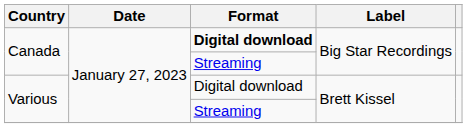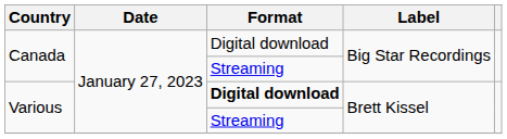 <table class="wikitable">
 <tr>
 <th>Country</th>
 <th>Date</th>
 <th>Format</th>
 <th>Label</th>
 <th></th>
 </tr>
 <tr>
 <td rowspan="2">Canada</td>
 <td rowspan="4">January 27, 2023</td>
-<td><strong>Digital download</strong></td>
+<td>Digital download</td>
 <td rowspan="2">Big Star Recordings</td>
 <td rowspan="2"></td>
 </tr>
 <tr>
 <td><a href='#'>Streaming</a></td>
 </tr>
 <tr>
 <td rowspan="2">Various</td>
-<td>Digital download</td>
+<td><strong>Digital download</strong></td>
 <td rowspan="2">Brett Kissel</td>
 <td rowspan="2"></td>
 </tr>
 <tr>
 <td><a href='#'>Streaming</a></td>
 </tr>
 <tr>
 </tr>
 </table>
